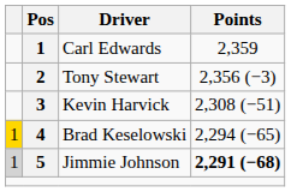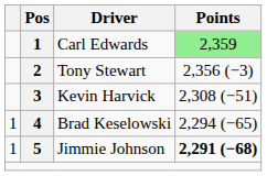 <table class="wikitable">
 <tr>
 <th></th>
 <th scope="col">Pos</th>
 <th scope="col">Driver</th>
 <th scope="col">Points</th>
 </tr>
 <tr>
 <td align="left"></td>
 <th scope="row">1</th>
 <td>Carl Edwards</td>
-<td style="text-align:center;">2,359</td>
+<td style="background: lightgreen; text-align:center;">2,359</td>
 </tr>
 <tr>
 <td align="left"></td>
 <th scope="row">2</th>
 <td>Tony Stewart</td>
 <td style="text-align:center;">2,356 (−3)</td>
 </tr>
 <tr>
 <td align="left"></td>
 <th scope="row">3</th>
 <td>Kevin Harvick</td>
 <td style="text-align:center;">2,308 (−51)</td>
 </tr>
 <tr>
-<td align="left" style="background: gold;"> 1</td>
+<td align="left"> 1</td>
 <th scope="row">4</th>
 <td>Brad Keselowski</td>
 <td style="text-align:center;">2,294 (−65)</td>
 </tr>
 <tr>
-<td align="left" style="background: lightgrey;"> 1</td>
+<td align="left"> 1</td>
 <th scope="row">5</th>
 <td>Jimmie Johnson</td>
 <td style="text-align:center;"><strong>2,291 (−68)</strong></td>
 </tr>
 <tr class="sortbottom">
 <td colspan="4"></td>
 </tr>
 </table>
